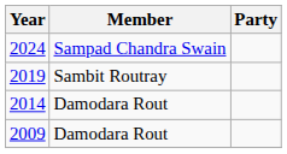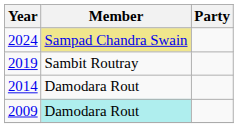 <table class="wikitable sortable">
 <tr>
 <th>Year</th>
 <th>Member</th>
 <th colspan=2>Party</th>
 </tr>
 <tr>
 <td><a href='#'>2024</a></td>
-<td><a href='#'>Sampad Chandra Swain</a></td>
+<td style="background: khaki;"><a href='#'>Sampad Chandra Swain</a></td>
 <td></td>
 </tr>
 <tr>
 <td><a href='#'>2019</a></td>
 <td>Sambit Routray</td>
 <td></td>
 </tr>
 <tr>
 <td><a href='#'>2014</a></td>
 <td>Damodara Rout</td>
 <td></td>
 </tr>
 <tr>
 <td><a href='#'>2009</a></td>
-<td>Damodara Rout</td>
+<td style="background: paleturquoise;">Damodara Rout</td>
 <td></td>
 </tr>
 <tr>
 </tr>
 </table>
